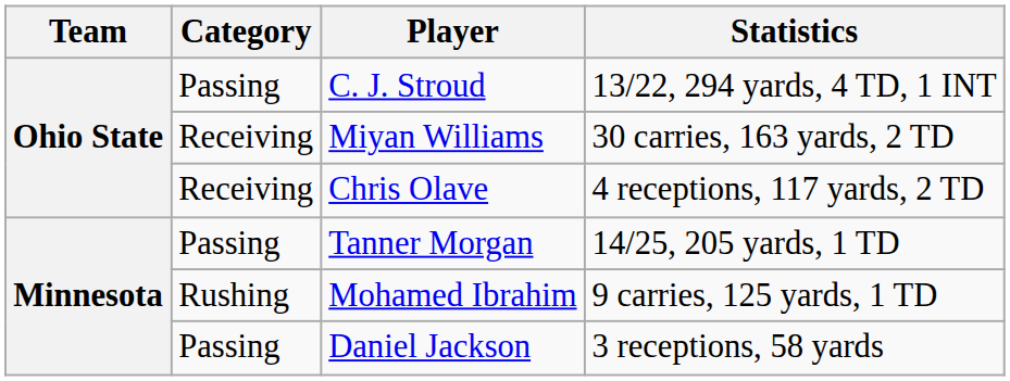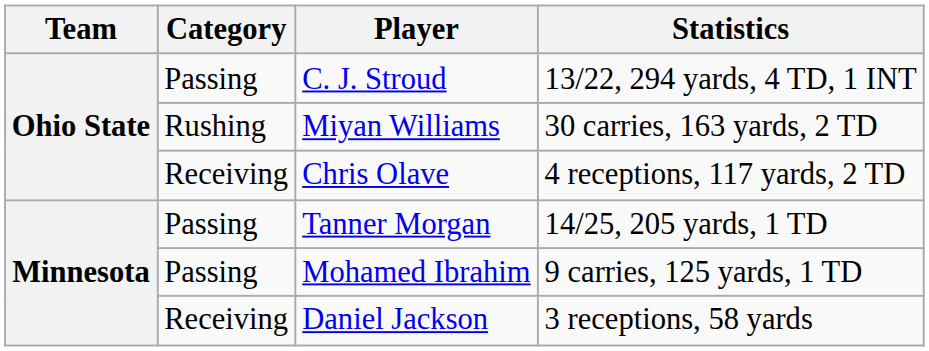 <table class="wikitable" style="float:right">
 <tr>
 <th>Team</th>
 <th>Category</th>
 <th>Player</th>
 <th>Statistics</th>
 </tr>
 <tr>
 <th rowspan=3>Ohio State</th>
 <td>Passing</td>
 <td><a href='#'>C. J. Stroud</a></td>
 <td>13/22, 294 yards, 4 TD, 1 INT</td>
 </tr>
 <tr>
-<td>Receiving</td>
+<td>Rushing</td>
 <td><a href='#'>Miyan Williams</a></td>
 <td>30 carries, 163 yards, 2 TD</td>
 </tr>
 <tr>
 <td>Receiving</td>
 <td><a href='#'>Chris Olave</a></td>
 <td>4 receptions, 117 yards, 2 TD</td>
 </tr>
 <tr>
 <th rowspan=3>Minnesota</th>
 <td>Passing</td>
 <td><a href='#'>Tanner Morgan</a></td>
 <td>14/25, 205 yards, 1 TD</td>
 </tr>
 <tr>
-<td>Rushing</td>
+<td>Passing</td>
 <td><a href='#'>Mohamed Ibrahim</a></td>
 <td>9 carries, 125 yards, 1 TD</td>
 </tr>
 <tr>
-<td>Passing</td>
+<td>Receiving</td>
 <td><a href='#'>Daniel Jackson</a></td>
 <td>3 receptions, 58 yards</td>
 </tr>
 </table>
